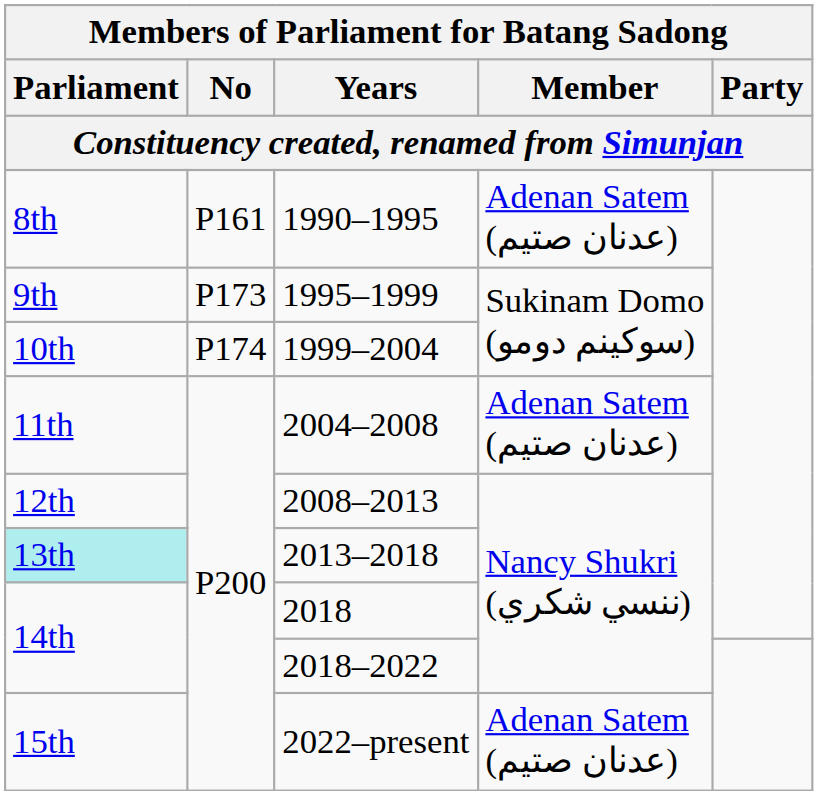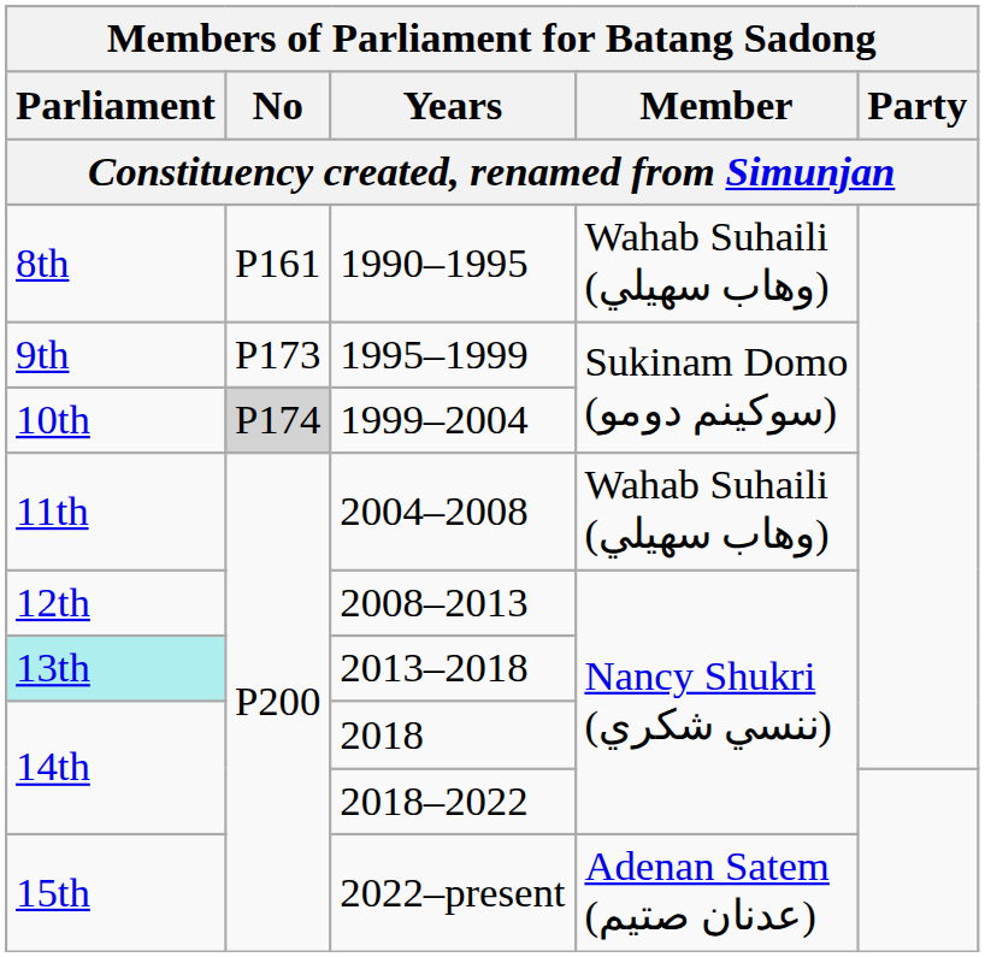 <table class=wikitable>
 <tr>
 <th colspan="5">Members of Parliament for Batang Sadong</th>
 </tr>
 <tr>
 <th>Parliament</th>
 <th>No</th>
 <th>Years</th>
 <th>Member</th>
 <th>Party</th>
 </tr>
 <tr>
 <th colspan="5" align="center"><em>Constituency created, renamed from <a href='#'>Simunjan</a></em></th>
 </tr>
 <tr>
 <td><a href='#'>8th</a></td>
 <td>P161</td>
 <td>1990–1995</td>
-<td><a href='#'>Adenan Satem</a> <br> (عدنان صتيم)</td>
+<td>Wahab Suhaili <br> (وهاب سهيلي)</td>
 <td rowspan="7"></td>
 </tr>
 <tr>
 <td><a href='#'>9th</a></td>
 <td>P173</td>
 <td>1995–1999</td>
 <td rowspan=2>Sukinam Domo <br> (سوكينم دومو)</td>
 </tr>
 <tr>
 <td><a href='#'>10th</a></td>
-<td>P174</td>
+<td style="background: lightgrey;">P174</td>
 <td>1999–2004</td>
 </tr>
 <tr>
 <td><a href='#'>11th</a></td>
 <td rowspan="6">P200</td>
 <td>2004–2008</td>
-<td><a href='#'>Adenan Satem</a> <br> (عدنان صتيم)</td>
+<td>Wahab Suhaili <br> (وهاب سهيلي)</td>
 </tr>
 <tr>
 <td><a href='#'>12th</a></td>
 <td>2008–2013</td>
 <td rowspan=4><a href='#'>Nancy Shukri</a> <br> (ننسي شكري)</td>
 </tr>
 <tr>
 <td style="background: paleturquoise;"><a href='#'>13th</a></td>
 <td>2013–2018</td>
 </tr>
 <tr>
 <td rowspan=2><a href='#'>14th</a></td>
 <td>2018</td>
 </tr>
 <tr>
 <td>2018–2022</td>
 <td rowspan=2></td>
 </tr>
 <tr>
 <td><a href='#'>15th</a></td>
 <td>2022–present</td>
 <td><a href='#'>Adenan Satem</a> <br> (عدنان صتيم)</td>
 </tr>
 </table>
